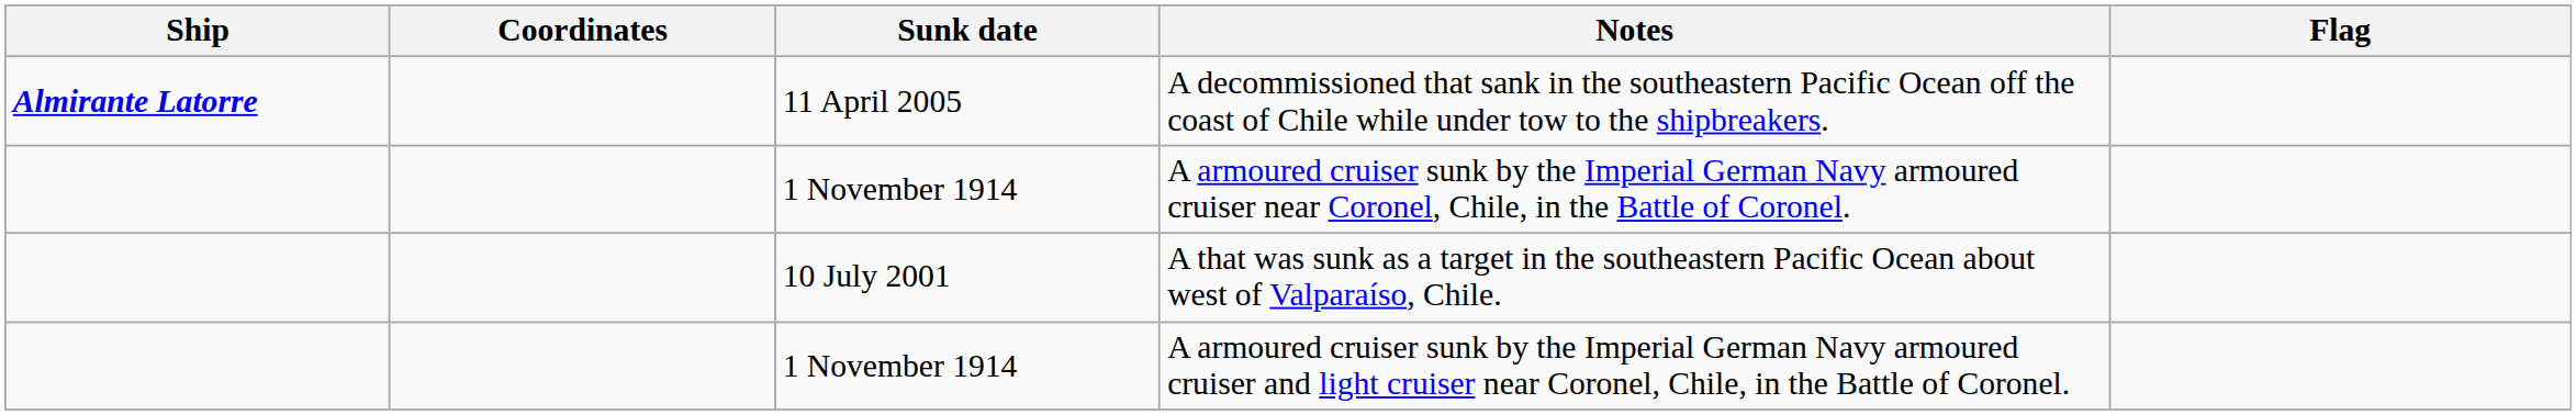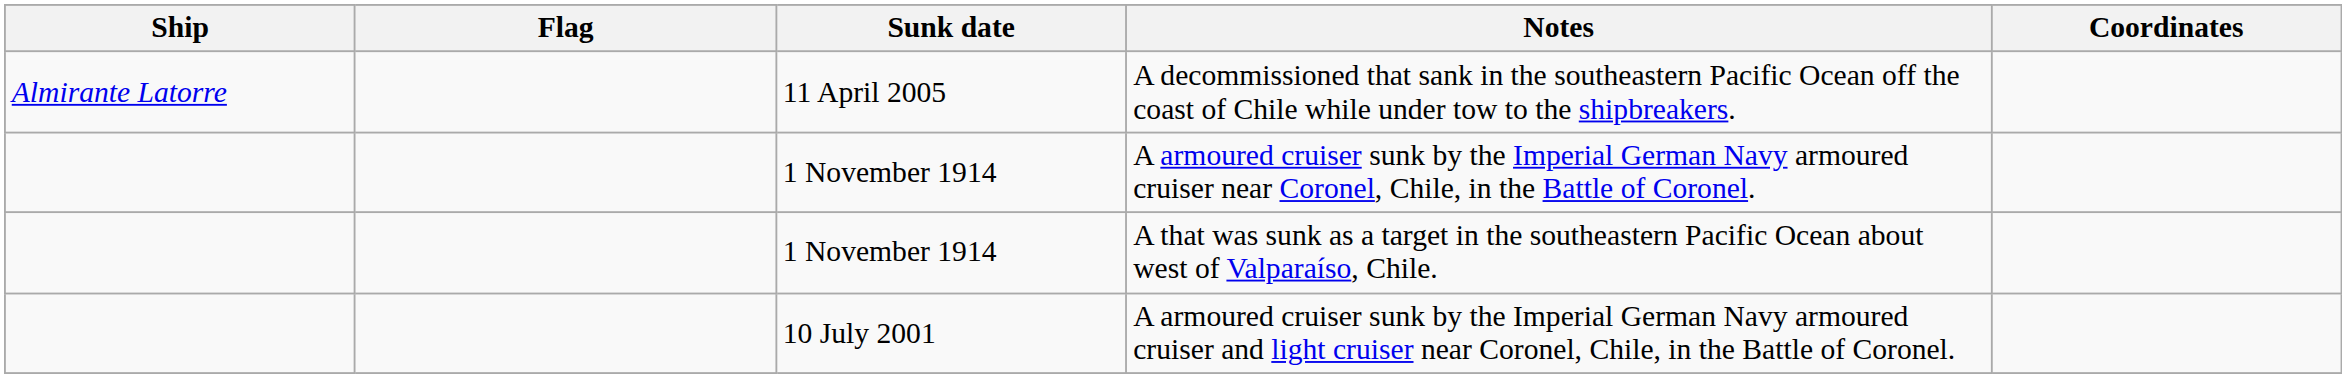 <table class="wikitable sortable" style="width:100%" |>
 <tr>
 <th width="15%">Ship</th>
-<th width="15%">Coordinates</th>
+<th width="18%">Flag</th>
 <th width="15%" align="right">Sunk date</th>
 <th width="37%">Notes</th>
-<th width="18%">Flag</th>
+<th width="15%">Coordinates</th>
 </tr>
 <tr>
-<td scope="row" data-sort-value="Glamorgan"><strong><a href='#'><em>Almirante Latorre</em></a></strong></td>
+<td scope="row" data-sort-value="Glamorgan"><a href='#'><em>Almirante Latorre</em></a></td>
 <td></td>
 <td>11 April 2005</td>
 <td>A decommissioned  that sank in the southeastern Pacific Ocean off the coast of Chile while under tow to the <a href='#'>shipbreakers</a>.</td>
 <td></td>
 </tr>
 <tr>
 <td scope="row" data-sort-value="Good Hope"></td>
 <td></td>
 <td>1 November 1914</td>
 <td>A  <a href='#'>armoured cruiser</a> sunk by the <a href='#'>Imperial German Navy</a> armoured cruiser  near <a href='#'>Coronel</a>, Chile, in the <a href='#'>Battle of Coronel</a>.</td>
 <td></td>
 </tr>
 <tr>
 <td scope="row" data-sort-value="La Moure County"></td>
 <td></td>
-<td>10 July 2001</td>
+<td>1 November 1914</td>
 <td>A  that was sunk as a target in the southeastern Pacific Ocean about  west of <a href='#'>Valparaíso</a>, Chile.</td>
 <td></td>
 </tr>
 <tr>
 <td scope="row" data-sort-value="Monmouth"></td>
 <td></td>
-<td>1 November 1914</td>
+<td>10 July 2001</td>
 <td>A  armoured cruiser sunk by the Imperial German Navy armoured cruiser  and <a href='#'>light cruiser</a>  near Coronel, Chile, in the Battle of Coronel.</td>
 <td></td>
 </tr>
 </table>
